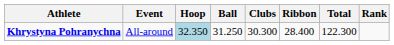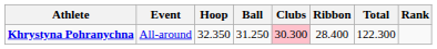 <table class=wikitable style="font-size:90%">
 <tr>
 <th>Athlete</th>
 <th>Event</th>
 <th>Hoop</th>
 <th>Ball</th>
 <th>Clubs</th>
 <th>Ribbon</th>
 <th>Total</th>
 <th>Rank</th>
 </tr>
 <tr align=center>
 <td align=left><strong><a href='#'>Khrystyna Pohranychna</a></strong></td>
 <td align=left><a href='#'>All-around</a></td>
-<td style="background: lightblue;">32.350</td>
+<td>32.350</td>
 <td>31.250</td>
-<td>30.300</td>
+<td style="background: pink;">30.300</td>
 <td>28.400</td>
 <td>122.300</td>
 <td></td>
 </tr>
 </table>
